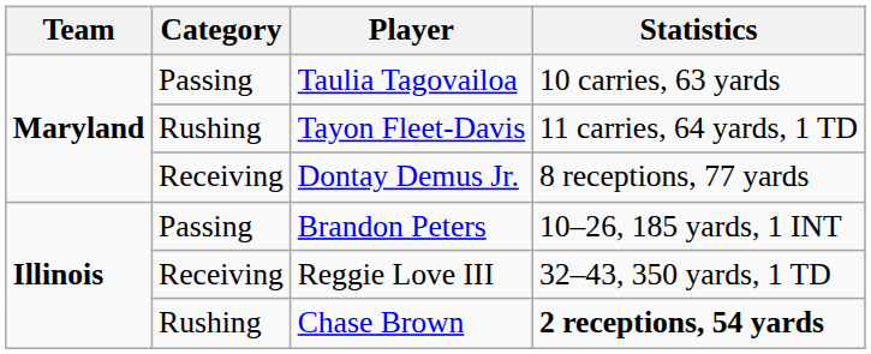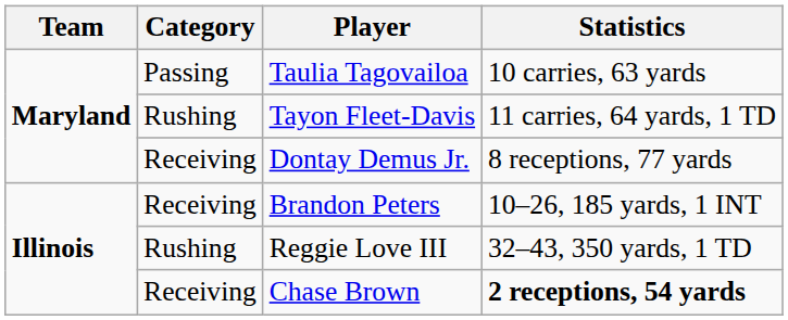 <table class="wikitable" style="float: right;">
 <tr>
 <th>Team</th>
 <th>Category</th>
 <th>Player</th>
 <th>Statistics</th>
 </tr>
 <tr>
 <td rowspan=3><strong>Maryland</strong></td>
 <td>Passing</td>
 <td><a href='#'>Taulia Tagovailoa</a></td>
 <td>10 carries, 63 yards</td>
 </tr>
 <tr>
 <td>Rushing</td>
 <td><a href='#'>Tayon Fleet-Davis</a></td>
 <td>11 carries, 64 yards, 1 TD</td>
 </tr>
 <tr>
 <td>Receiving</td>
 <td><a href='#'>Dontay Demus Jr.</a></td>
 <td>8 receptions, 77 yards</td>
 </tr>
 <tr>
 <td rowspan=3><strong>Illinois</strong></td>
-<td>Passing</td>
+<td>Receiving</td>
 <td><a href='#'>Brandon Peters</a></td>
 <td>10–26, 185 yards, 1 INT</td>
 </tr>
 <tr>
-<td>Receiving</td>
+<td>Rushing</td>
 <td>Reggie Love III</td>
 <td>32–43, 350 yards, 1 TD</td>
 </tr>
 <tr>
-<td>Rushing</td>
+<td>Receiving</td>
 <td><a href='#'>Chase Brown</a></td>
 <td><strong>2 receptions, 54 yards</strong></td>
 </tr>
 </table>
